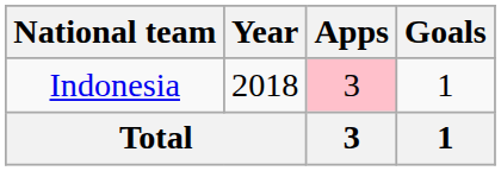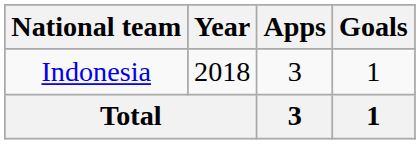 <table class="wikitable" style="text-align:center">
 <tr>
 <th>National team</th>
 <th>Year</th>
 <th>Apps</th>
 <th>Goals</th>
 </tr>
 <tr>
 <td><a href='#'>Indonesia</a></td>
 <td>2018</td>
-<td style="background: pink;">3</td>
+<td>3</td>
 <td>1</td>
 </tr>
 <tr>
 <th colspan=2>Total</th>
 <th>3</th>
 <th>1</th>
 </tr>
 </table>
